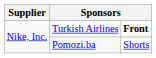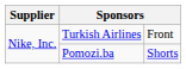 <table class="wikitable">
 <tr>
 <th>Supplier</th>
 <th colspan=2>Sponsors</th>
 </tr>
 <tr>
 <td rowspan=3> <a href='#'>Nike, Inc.</a></td>
 <td> <a href='#'>Turkish Airlines</a></td>
-<td><strong>Front</strong></td>
+<td>Front</td>
 </tr>
 <tr>
 <td> <a href='#'>Pomozi.ba</a></td>
 <td rowspan=2><a href='#'>Shorts</a></td>
 </tr>
 </table>
